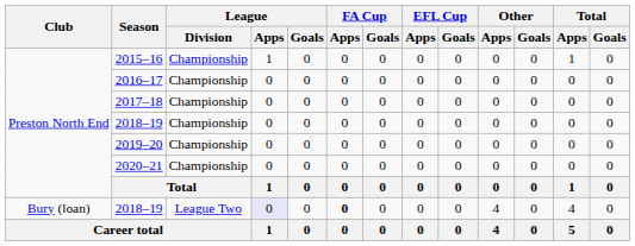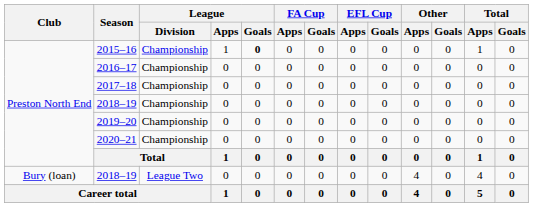 <table class="wikitable" style="text-align: center;">
 <tr>
 <th rowspan="2">Club</th>
 <th rowspan="2">Season</th>
 <th colspan="3">League</th>
 <th colspan="2"><a href='#'>FA Cup</a></th>
 <th colspan="2"><a href='#'>EFL Cup</a></th>
 <th colspan="2">Other</th>
 <th colspan="2">Total</th>
 </tr>
 <tr>
 <th>Division</th>
 <th>Apps</th>
 <th>Goals</th>
 <th>Apps</th>
 <th>Goals</th>
 <th>Apps</th>
 <th>Goals</th>
 <th>Apps</th>
 <th>Goals</th>
 <th>Apps</th>
 <th>Goals</th>
 </tr>
 <tr>
 <td rowspan=7><a href='#'>Preston North End</a></td>
 <td><a href='#'>2015–16</a></td>
 <td><a href='#'>Championship</a></td>
 <td>1</td>
-<td>0</td>
+<td><strong>0</strong></td>
 <td>0</td>
 <td>0</td>
 <td>0</td>
 <td>0</td>
 <td>0</td>
 <td>0</td>
 <td>1</td>
 <td>0</td>
 </tr>
 <tr>
 <td><a href='#'>2016–17</a></td>
 <td>Championship</td>
 <td>0</td>
 <td>0</td>
 <td>0</td>
 <td>0</td>
 <td>0</td>
 <td>0</td>
 <td>0</td>
 <td>0</td>
 <td>0</td>
 <td>0</td>
 </tr>
 <tr>
 <td><a href='#'>2017–18</a></td>
 <td>Championship</td>
 <td>0</td>
 <td>0</td>
 <td>0</td>
 <td>0</td>
 <td>0</td>
 <td>0</td>
 <td>0</td>
 <td>0</td>
 <td>0</td>
 <td>0</td>
 </tr>
 <tr>
 <td><a href='#'>2018–19</a></td>
 <td>Championship</td>
 <td>0</td>
 <td>0</td>
 <td>0</td>
 <td>0</td>
 <td>0</td>
 <td>0</td>
 <td>0</td>
 <td>0</td>
 <td>0</td>
 <td>0</td>
 </tr>
 <tr>
 <td><a href='#'>2019–20</a></td>
 <td>Championship</td>
 <td>0</td>
 <td>0</td>
 <td>0</td>
 <td>0</td>
 <td>0</td>
 <td>0</td>
 <td>0</td>
 <td>0</td>
 <td>0</td>
 <td>0</td>
 </tr>
 <tr>
 <td><a href='#'>2020–21</a></td>
 <td>Championship</td>
 <td>0</td>
 <td>0</td>
 <td>0</td>
 <td>0</td>
 <td>0</td>
 <td>0</td>
 <td>0</td>
 <td>0</td>
 <td>0</td>
 <td>0</td>
 </tr>
 <tr>
 <th colspan="2">Total</th>
 <th>1</th>
 <th>0</th>
 <th>0</th>
 <th>0</th>
 <th>0</th>
 <th>0</th>
 <th>0</th>
 <th>0</th>
 <th>1</th>
 <th>0</th>
 </tr>
 <tr>
 <td><a href='#'>Bury</a> (loan)</td>
 <td><a href='#'>2018–19</a></td>
 <td><a href='#'>League Two</a></td>
-<td style="background: lavender;">0</td>
 <td>0</td>
-<td><strong>0</strong></td>
+<td>0</td>
+<td>0</td>
 <td>0</td>
 <td>0</td>
 <td>0</td>
 <td>4</td>
 <td>0</td>
 <td>4</td>
 <td>0</td>
 </tr>
 <tr>
 <th colspan="3">Career total</th>
 <th>1</th>
 <th>0</th>
 <th>0</th>
 <th>0</th>
 <th>0</th>
 <th>0</th>
 <th>4</th>
 <th>0</th>
 <th>5</th>
 <th>0</th>
 </tr>
 </table>
